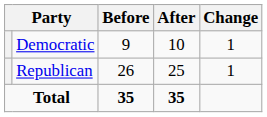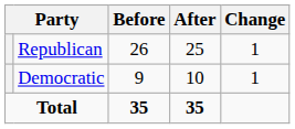 <table class="wikitable" style="text-align:center;">
 <tr>
 <th colspan="2">Party</th>
 <th>Before</th>
 <th>After</th>
 <th>Change</th>
 </tr>
 <tr>
 <th style="background-color:"></th>
-<td style="text-align:left;"><a href='#'>Democratic</a></td>
-<td>9</td>
-<td>10</td>
+<td style="text-align:left;"><a href='#'>Republican</a></td>
+<td>26</td>
+<td>25</td>
 <td> 1</td>
 </tr>
 <tr>
 <th style="background-color:"></th>
-<td style="text-align:left;"><a href='#'>Republican</a></td>
-<td>26</td>
-<td>25</td>
+<td style="text-align:left;"><a href='#'>Democratic</a></td>
+<td>9</td>
+<td>10</td>
 <td> 1</td>
 </tr>
 <tr>
 <td colspan="2"><strong>Total</strong></td>
 <td><strong>35</strong></td>
 <td><strong>35</strong></td>
 <td></td>
 </tr>
 </table>
